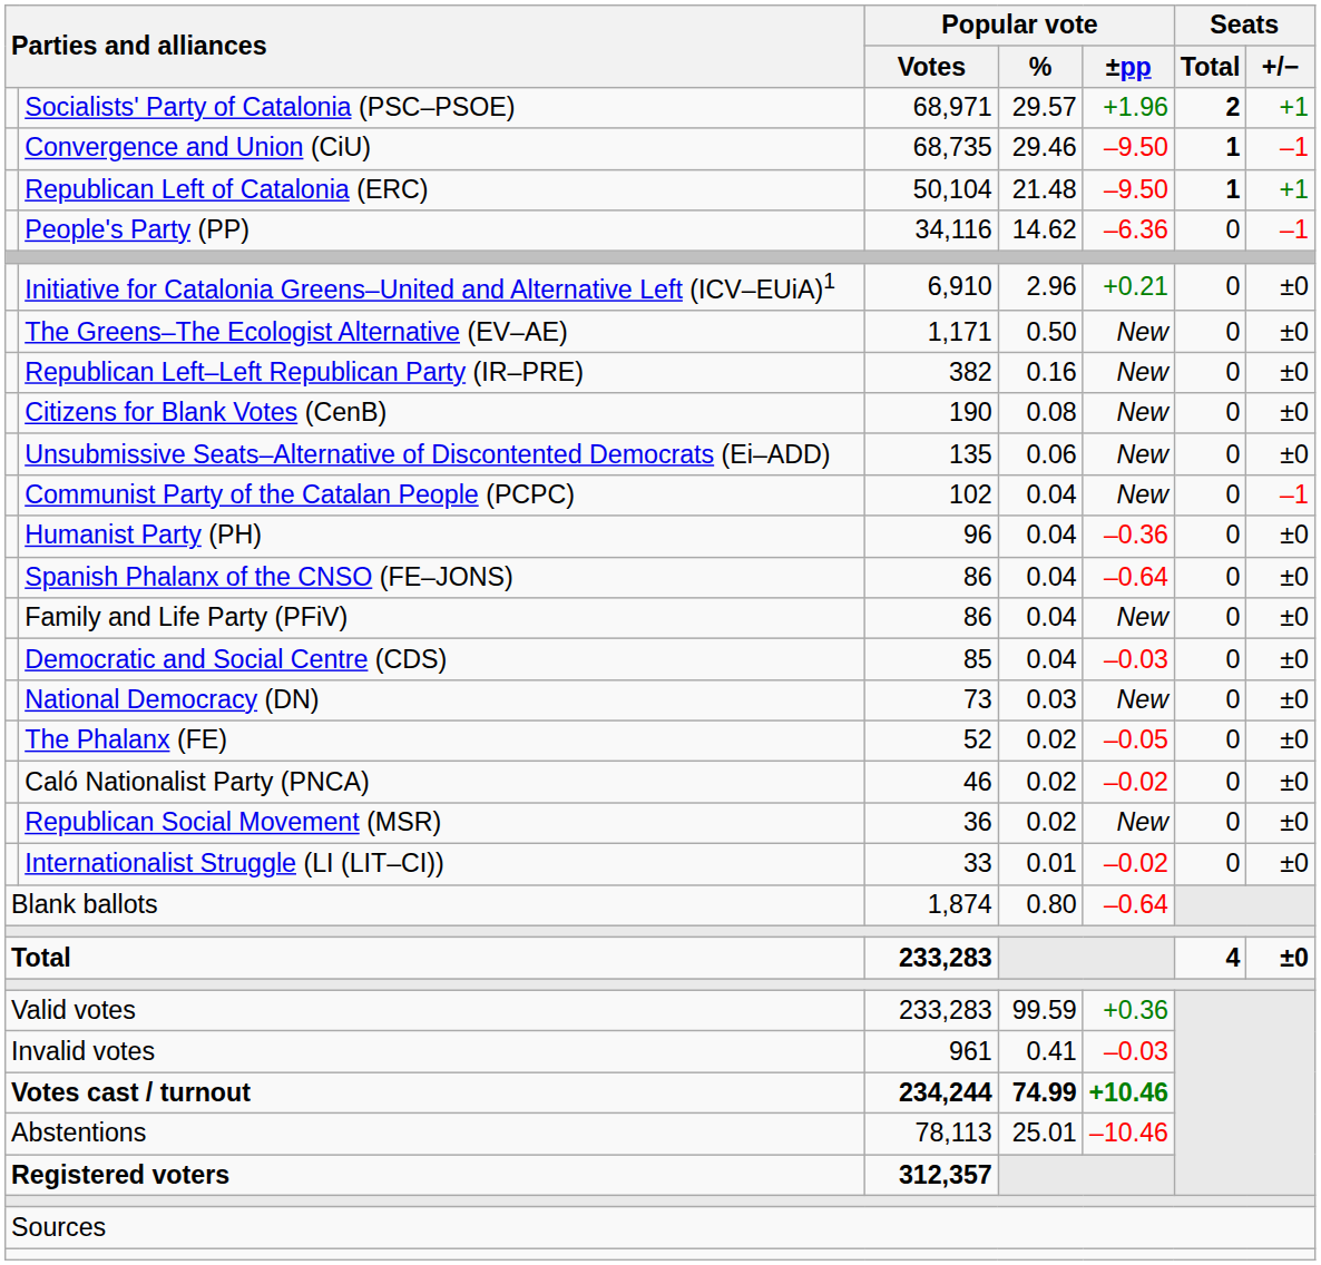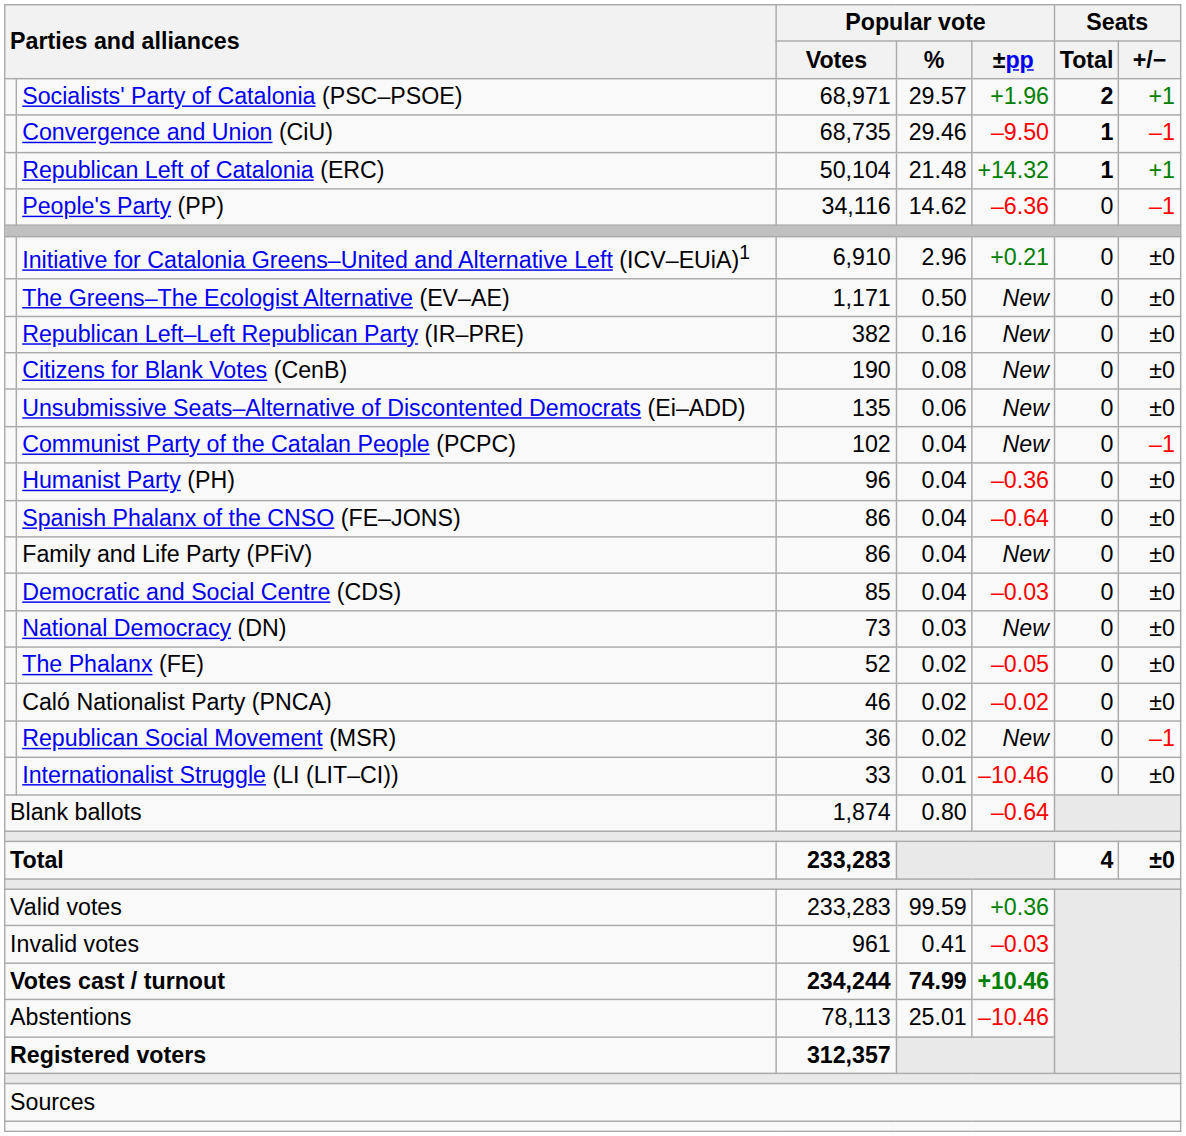 <table class="wikitable" style="text-align:right;">
 <tr>
 <th style="text-align:left;" rowspan="2" colspan="2" width="525">Parties and alliances</th>
 <th colspan="3">Popular vote</th>
 <th colspan="2">Seats</th>
 </tr>
 <tr>
 <th width="75">Votes</th>
 <th width="45">%</th>
 <th width="45">±<a href='#'>pp</a></th>
 <th width="35">Total</th>
 <th width="35">+/−</th>
 </tr>
 <tr>
 <td width="1" style="color:inherit;background:"></td>
 <td align="left"><a href='#'>Socialists' Party of Catalonia</a> (PSC–PSOE)</td>
 <td>68,971</td>
 <td>29.57</td>
 <td style="color:green;">+1.96</td>
 <td><strong>2</strong></td>
 <td style="color:green;">+1</td>
 </tr>
 <tr>
 <td style="color:inherit;background:"></td>
 <td align="left"><a href='#'>Convergence and Union</a> (CiU)</td>
 <td>68,735</td>
 <td>29.46</td>
 <td style="color:red;">–9.50</td>
 <td><strong>1</strong></td>
 <td style="color:red;">–1</td>
 </tr>
 <tr>
 <td style="color:inherit;background:"></td>
 <td align="left"><a href='#'>Republican Left of Catalonia</a> (ERC)</td>
 <td>50,104</td>
 <td>21.48</td>
-<td style="color:red;">–9.50</td>
+<td style="color:green;">+14.32</td>
 <td><strong>1</strong></td>
 <td style="color:green;">+1</td>
 </tr>
 <tr>
 <td style="color:inherit;background:"></td>
 <td align="left"><a href='#'>People's Party</a> (PP)</td>
 <td>34,116</td>
 <td>14.62</td>
 <td style="color:red;">–6.36</td>
 <td>0</td>
 <td style="color:red;">–1</td>
 </tr>
 <tr>
 <td colspan="7" bgcolor="#C0C0C0"></td>
 </tr>
 <tr>
 <td style="color:inherit;background:"></td>
 <td align="left"><a href='#'>Initiative for Catalonia Greens–United and Alternative Left</a> (ICV–EUiA)<sup>1</sup></td>
 <td>6,910</td>
 <td>2.96</td>
 <td style="color:green;">+0.21</td>
 <td>0</td>
 <td>±0</td>
 </tr>
 <tr>
 <td style="color:inherit;background:"></td>
 <td align="left"><a href='#'>The Greens–The Ecologist Alternative</a> (EV–AE)</td>
 <td>1,171</td>
 <td>0.50</td>
 <td><em>New</em></td>
 <td>0</td>
 <td>±0</td>
 </tr>
 <tr>
 <td style="color:inherit;background:"></td>
 <td align="left"><a href='#'>Republican Left–Left Republican Party</a> (IR–PRE)</td>
 <td>382</td>
 <td>0.16</td>
 <td><em>New</em></td>
 <td>0</td>
 <td>±0</td>
 </tr>
 <tr>
 <td style="color:inherit;background:"></td>
 <td align="left"><a href='#'>Citizens for Blank Votes</a> (CenB)</td>
 <td>190</td>
 <td>0.08</td>
 <td><em>New</em></td>
 <td>0</td>
 <td>±0</td>
 </tr>
 <tr>
 <td style="color:inherit;background:"></td>
 <td align="left"><a href='#'>Unsubmissive Seats–Alternative of Discontented Democrats</a> (Ei–ADD)</td>
 <td>135</td>
 <td>0.06</td>
 <td><em>New</em></td>
 <td>0</td>
 <td>±0</td>
 </tr>
 <tr>
 <td style="color:inherit;background:"></td>
 <td align="left"><a href='#'>Communist Party of the Catalan People</a> (PCPC)</td>
 <td>102</td>
 <td>0.04</td>
 <td><em>New</em></td>
 <td>0</td>
 <td style="color:red;">–1</td>
 </tr>
 <tr>
 <td style="color:inherit;background:"></td>
 <td align="left"><a href='#'>Humanist Party</a> (PH)</td>
 <td>96</td>
 <td>0.04</td>
 <td style="color:red;">–0.36</td>
 <td>0</td>
 <td>±0</td>
 </tr>
 <tr>
 <td style="color:inherit;background:"></td>
 <td align="left"><a href='#'>Spanish Phalanx of the CNSO</a> (FE–JONS)</td>
 <td>86</td>
 <td>0.04</td>
 <td style="color:red;">–0.64</td>
 <td>0</td>
 <td>±0</td>
 </tr>
 <tr>
 <td style="color:inherit;background:"></td>
 <td align="left">Family and Life Party (PFiV)</td>
 <td>86</td>
 <td>0.04</td>
 <td><em>New</em></td>
 <td>0</td>
 <td>±0</td>
 </tr>
 <tr>
 <td style="color:inherit;background:"></td>
 <td align="left"><a href='#'>Democratic and Social Centre</a> (CDS)</td>
 <td>85</td>
 <td>0.04</td>
 <td style="color:red;">–0.03</td>
 <td>0</td>
 <td>±0</td>
 </tr>
 <tr>
 <td style="color:inherit;background:"></td>
 <td align="left"><a href='#'>National Democracy</a> (DN)</td>
 <td>73</td>
 <td>0.03</td>
 <td><em>New</em></td>
 <td>0</td>
 <td>±0</td>
 </tr>
 <tr>
 <td style="color:inherit;background:"></td>
 <td align="left"><a href='#'>The Phalanx</a> (FE)</td>
 <td>52</td>
 <td>0.02</td>
 <td style="color:red;">–0.05</td>
 <td>0</td>
 <td>±0</td>
 </tr>
 <tr>
 <td style="color:inherit;background:"></td>
 <td align="left">Caló Nationalist Party (PNCA)</td>
 <td>46</td>
 <td>0.02</td>
 <td style="color:red;">–0.02</td>
 <td>0</td>
 <td>±0</td>
 </tr>
 <tr>
 <td style="color:inherit;background:"></td>
 <td align="left"><a href='#'>Republican Social Movement</a> (MSR)</td>
 <td>36</td>
 <td>0.02</td>
 <td><em>New</em></td>
 <td>0</td>
-<td>±0</td>
+<td style="color:red;">–1</td>
 </tr>
 <tr>
 <td style="color:inherit;background:"></td>
 <td align="left"><a href='#'>Internationalist Struggle</a> (LI (LIT–CI))</td>
 <td>33</td>
 <td>0.01</td>
-<td style="color:red;">–0.02</td>
+<td style="color:red;">–10.46</td>
 <td>0</td>
 <td>±0</td>
 </tr>
 <tr>
 <td align="left" colspan="2">Blank ballots</td>
 <td>1,874</td>
 <td>0.80</td>
 <td style="color:red;">–0.64</td>
 <td bgcolor="#E9E9E9" colspan="2"></td>
 </tr>
 <tr>
 <td colspan="7" bgcolor="#E9E9E9"></td>
 </tr>
 <tr style="font-weight:bold;">
 <td align="left" colspan="2">Total</td>
 <td>233,283</td>
 <td bgcolor="#E9E9E9" colspan="2"></td>
 <td>4</td>
 <td>±0</td>
 </tr>
 <tr>
 <td colspan="7" bgcolor="#E9E9E9"></td>
 </tr>
 <tr>
 <td align="left" colspan="2">Valid votes</td>
 <td>233,283</td>
 <td>99.59</td>
 <td style="color:green;">+0.36</td>
 <td bgcolor="#E9E9E9" colspan="2" rowspan="5"></td>
 </tr>
 <tr>
 <td align="left" colspan="2">Invalid votes</td>
 <td>961</td>
 <td>0.41</td>
 <td style="color:red;">–0.03</td>
 </tr>
 <tr style="font-weight:bold;">
 <td align="left" colspan="2">Votes cast / turnout</td>
 <td>234,244</td>
 <td>74.99</td>
 <td style="color:green;">+10.46</td>
 </tr>
 <tr>
 <td align="left" colspan="2">Abstentions</td>
 <td>78,113</td>
 <td>25.01</td>
 <td style="color:red;">–10.46</td>
 </tr>
 <tr style="font-weight:bold;">
 <td align="left" colspan="2">Registered voters</td>
 <td>312,357</td>
 <td bgcolor="#E9E9E9" colspan="2"></td>
 </tr>
 <tr>
 <td colspan="7" bgcolor="#E9E9E9"></td>
 </tr>
 <tr>
 <td align="left" colspan="7">Sources</td>
 </tr>
 <tr>
 <td colspan="7" style="text-align:left; max-width:790px;"></td>
 </tr>
 </table>
